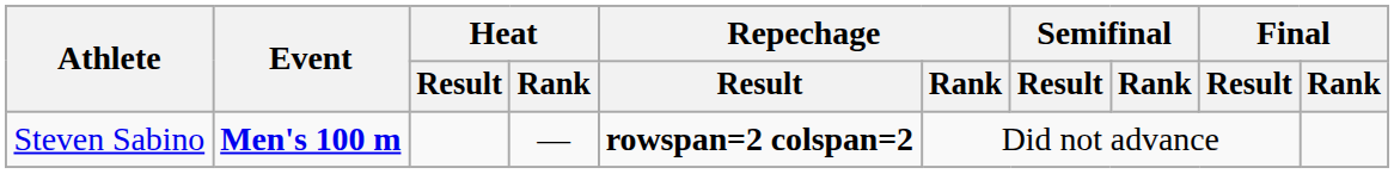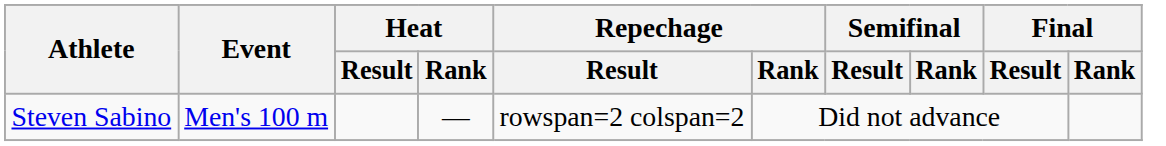 <table class="wikitable" style="font-size:90%">
 <tr>
 <th rowspan="2">Athlete</th>
 <th rowspan="2">Event</th>
 <th colspan="2">Heat</th>
 <th colspan="2">Repechage</th>
 <th colspan="2">Semifinal</th>
 <th colspan="2">Final</th>
 </tr>
 <tr style="font-size:95%">
 <th>Result</th>
 <th>Rank</th>
 <th>Result</th>
 <th>Rank</th>
 <th>Result</th>
 <th>Rank</th>
 <th>Result</th>
 <th>Rank</th>
 </tr>
 <tr align=center>
 <td align=left><a href='#'>Steven Sabino</a></td>
-<td align=left><strong><a href='#'>Men's 100 m</a></strong></td>
+<td align=left><a href='#'>Men's 100 m</a></td>
 <td></td>
 <td>—</td>
-<td><strong>rowspan=2 colspan=2 </strong></td>
+<td>rowspan=2 colspan=2 </td>
 <td colspan=4>Did not advance</td>
 </tr>
 </table>
